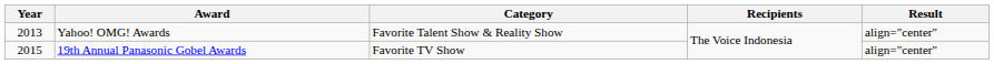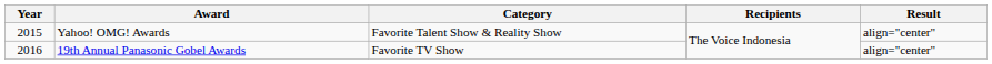 <table class="wikitable sortable" style="text-align:left; line-height:16px; width:100%;">
 <tr>
 <th>Year</th>
 <th>Award</th>
 <th>Category</th>
 <th>Recipients</th>
 <th>Result</th>
 </tr>
 <tr>
-<td align="center">2013</td>
+<td align="center">2015</td>
 <td>Yahoo! OMG! Awards</td>
 <td>Favorite Talent Show & Reality Show</td>
 <td rowspan="2">The Voice Indonesia</td>
 <td>align="center" </td>
 </tr>
 <tr>
-<td align="center">2015</td>
+<td align="center">2016</td>
 <td><a href='#'>19th Annual Panasonic Gobel Awards</a></td>
 <td>Favorite TV Show</td>
 <td>align="center" </td>
 </tr>
 </table>
